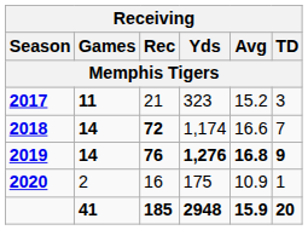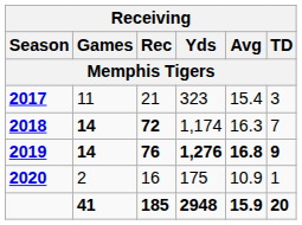 <table class="wikitable">
 <tr>
 <th colspan="6">Receiving</th>
 </tr>
 <tr>
 <th>Season</th>
 <th>Games</th>
 <th>Rec</th>
 <th>Yds</th>
 <th>Avg</th>
 <th>TD</th>
 </tr>
 <tr>
 <th colspan="6">Memphis Tigers</th>
 </tr>
 <tr>
 <td><a href='#'><strong>2017</strong></a></td>
-<td><strong>11</strong></td>
+<td>11</td>
 <td>21</td>
 <td>323</td>
-<td>15.2</td>
+<td>15.4</td>
 <td>3</td>
 </tr>
 <tr>
 <td><a href='#'><strong>2018</strong></a></td>
 <td><strong>14</strong></td>
 <td><strong>72</strong></td>
 <td>1,174</td>
-<td>16.6</td>
+<td>16.3</td>
 <td>7</td>
 </tr>
 <tr>
 <td><a href='#'><strong>2019</strong></a></td>
 <td><strong>14</strong></td>
 <td><strong>76</strong></td>
 <td><strong>1,276</strong></td>
 <td><strong>16.8</strong></td>
 <td><strong>9</strong></td>
 </tr>
 <tr>
 <td><a href='#'><strong>2020</strong></a></td>
 <td>2</td>
 <td>16</td>
 <td>175</td>
 <td>10.9</td>
 <td>1</td>
 </tr>
 <tr>
 <td></td>
 <td><strong>41</strong></td>
 <td><strong>185</strong></td>
 <td><strong>2948</strong></td>
 <td><strong>15.9</strong></td>
 <td><strong>20</strong></td>
 </tr>
 </table>
